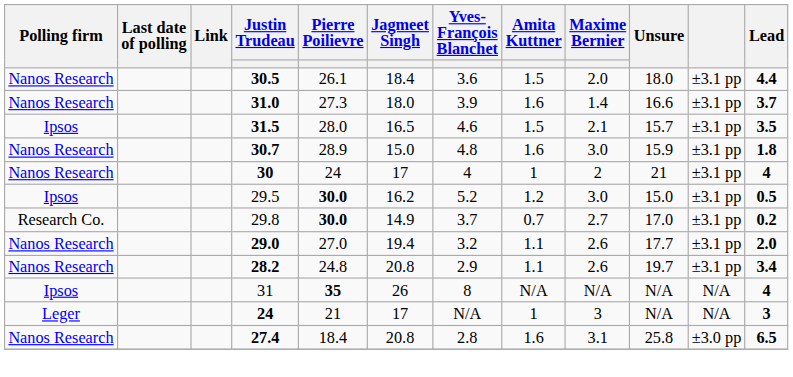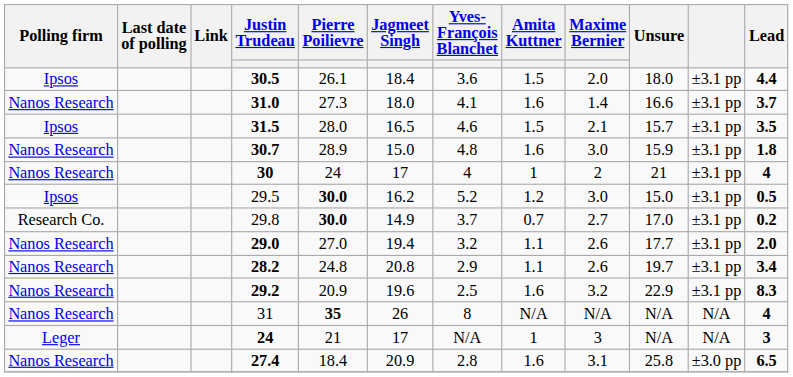 <table class="wikitable sortable mw-datatable mw-collapsible"" style="text-align:center;font-size:90%;line-height:14px;">
 <tr>
 <th rowspan="2">Polling firm</th>
 <th rowspan="2">Last date<br>of polling</th>
 <th rowspan="2">Link</th>
 <th style="width:40px;"><a href='#'>Justin Trudeau</a></th>
 <th style="width:40px;"><a href='#'>Pierre Poilievre</a></th>
 <th style="width:40px;"><a href='#'>Jagmeet Singh</a></th>
 <th style="width:40px;"><a href='#'>Yves-François Blanchet</a></th>
 <th style="width:40px;"><a href='#'>Amita Kuttner</a></th>
 <th style="width:40px;"><a href='#'>Maxime Bernier</a></th>
 <th rowspan="2">Unsure</th>
 <th rowspan="2"></th>
 <th rowspan="2">Lead</th>
 </tr>
 <tr class="sorttop">
 <th style="background-color:"></th>
 <th style="background-color:"></th>
 <th style="background-color:"></th>
 <th style="background-color:"></th>
 <th style="background-color:"></th>
 <th style="background-color:"></th>
 </tr>
 <tr>
-<td><a href='#'>Nanos Research</a></td>
+<td><a href='#'>Ipsos</a></td>
 <td></td>
 <td></td>
 <td><strong>30.5</strong></td>
 <td>26.1</td>
 <td>18.4</td>
 <td>3.6</td>
 <td>1.5</td>
 <td>2.0</td>
 <td>18.0</td>
 <td>±3.1 pp</td>
 <td><strong>4.4</strong></td>
 </tr>
 <tr>
 <td><a href='#'>Nanos Research</a></td>
 <td></td>
 <td></td>
 <td><strong>31.0</strong></td>
 <td>27.3</td>
 <td>18.0</td>
-<td>3.9</td>
+<td>4.1</td>
 <td>1.6</td>
 <td>1.4</td>
 <td>16.6</td>
 <td>±3.1 pp</td>
 <td><strong>3.7</strong></td>
 </tr>
 <tr>
 <td><a href='#'>Ipsos</a></td>
 <td></td>
 <td></td>
 <td><strong>31.5</strong></td>
 <td>28.0</td>
 <td>16.5</td>
 <td>4.6</td>
 <td>1.5</td>
 <td>2.1</td>
 <td>15.7</td>
 <td>±3.1 pp</td>
 <td><strong>3.5</strong></td>
 </tr>
 <tr>
 <td><a href='#'>Nanos Research</a></td>
 <td></td>
 <td></td>
 <td><strong>30.7</strong></td>
 <td>28.9</td>
 <td>15.0</td>
 <td>4.8</td>
 <td>1.6</td>
 <td>3.0</td>
 <td>15.9</td>
 <td>±3.1 pp</td>
 <td><strong>1.8</strong></td>
 </tr>
 <tr>
 <td><a href='#'>Nanos Research</a></td>
 <td></td>
 <td></td>
 <td><strong>30</strong></td>
 <td>24</td>
 <td>17</td>
 <td>4</td>
 <td>1</td>
 <td>2</td>
 <td>21</td>
 <td>±3.1 pp</td>
 <td><strong>4</strong></td>
 </tr>
 <tr>
 <td><a href='#'>Ipsos</a></td>
 <td></td>
 <td></td>
 <td>29.5</td>
 <td><strong>30.0</strong></td>
 <td>16.2</td>
 <td>5.2</td>
 <td>1.2</td>
 <td>3.0</td>
 <td>15.0</td>
 <td>±3.1 pp</td>
 <td><strong>0.5</strong></td>
 </tr>
 <tr>
 <td>Research Co.</td>
 <td></td>
 <td></td>
 <td>29.8</td>
 <td><strong>30.0</strong></td>
 <td>14.9</td>
 <td>3.7</td>
 <td>0.7</td>
 <td>2.7</td>
 <td>17.0</td>
 <td>±3.1 pp</td>
 <td><strong>0.2</strong></td>
 </tr>
 <tr>
 <td><a href='#'>Nanos Research</a></td>
 <td></td>
 <td></td>
 <td><strong>29.0</strong></td>
 <td>27.0</td>
 <td>19.4</td>
 <td>3.2</td>
 <td>1.1</td>
 <td>2.6</td>
 <td>17.7</td>
 <td>±3.1 pp</td>
 <td><strong>2.0</strong></td>
 </tr>
 <tr>
 <td><a href='#'>Nanos Research</a></td>
 <td></td>
 <td></td>
 <td><strong>28.2</strong></td>
 <td>24.8</td>
 <td>20.8</td>
 <td>2.9</td>
 <td>1.1</td>
 <td>2.6</td>
 <td>19.7</td>
 <td>±3.1 pp</td>
 <td><strong>3.4</strong></td>
 </tr>
 <tr>
-<td><a href='#'>Ipsos</a></td>
+<td><a href='#'>Nanos Research</a></td>
+<td></td>
+<td></td>
+<td><strong>29.2</strong></td>
+<td>20.9</td>
+<td>19.6</td>
+<td>2.5</td>
+<td>1.6</td>
+<td>3.2</td>
+<td>22.9</td>
+<td>±3.1 pp</td>
+<td><strong>8.3</strong></td>
+</tr>
+<tr>
+<td><a href='#'>Nanos Research</a></td>
 <td></td>
 <td></td>
 <td>31</td>
 <td><strong>35</strong></td>
 <td>26</td>
 <td>8</td>
 <td>N/A</td>
 <td>N/A</td>
 <td>N/A</td>
 <td>N/A</td>
 <td><strong>4</strong></td>
 </tr>
 <tr>
 <td><a href='#'>Leger</a></td>
 <td></td>
 <td></td>
 <td><strong>24</strong></td>
 <td>21</td>
 <td>17</td>
 <td>N/A</td>
 <td>1</td>
 <td>3</td>
 <td>N/A</td>
 <td>N/A</td>
 <td><strong>3</strong></td>
 </tr>
 <tr>
 <td><a href='#'>Nanos Research</a></td>
 <td></td>
 <td></td>
 <td><strong>27.4</strong></td>
 <td>18.4</td>
-<td>20.8</td>
+<td>20.9</td>
 <td>2.8</td>
 <td>1.6</td>
 <td>3.1</td>
 <td>25.8</td>
 <td>±3.0 pp</td>
 <td><strong>6.5</strong></td>
 </tr>
 <tr>
 </tr>
 </table>
